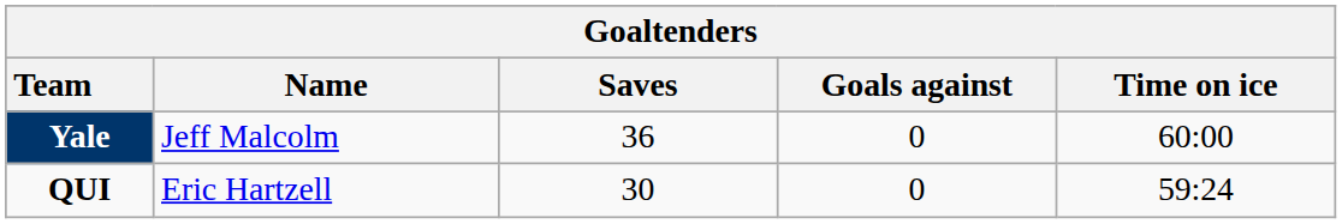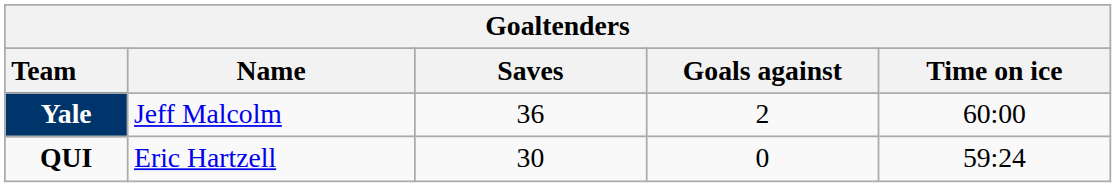 <table class="wikitable" style="width:40em; text-align:right;">
 <tr>
 <th colspan=5>Goaltenders</th>
 </tr>
 <tr>
 <th style="width:4em; text-align:left;">Team</th>
 <th style="width:10em;">Name</th>
 <th style="width:8em;">Saves</th>
 <th style="width:8em;">Goals against</th>
 <th style="width:8em;">Time on ice</th>
 </tr>
 <tr>
 <td align=center style="color:white; background:#00356B"><strong>Yale</strong></td>
 <td style="text-align:left;"><a href='#'>Jeff Malcolm</a></td>
 <td align=center>36</td>
-<td align=center>0</td>
+<td align=center>2</td>
 <td align=center>60:00</td>
 </tr>
 <tr>
 <td align=center><strong>QUI</strong></td>
 <td style="text-align:left;"><a href='#'>Eric Hartzell</a></td>
 <td align=center>30</td>
 <td align=center>0</td>
 <td align=center>59:24</td>
 </tr>
 </table>
